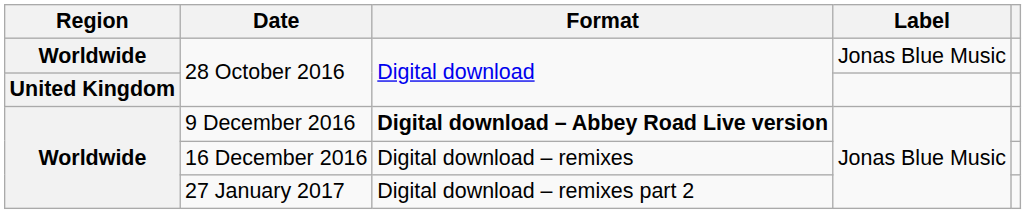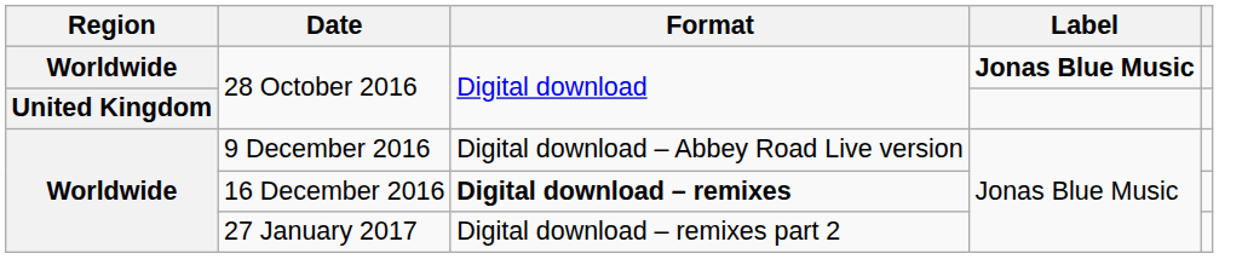 <table class="wikitable plainrowheaders">
 <tr>
 <th>Region</th>
 <th>Date</th>
 <th>Format</th>
 <th>Label</th>
 <th></th>
 </tr>
 <tr>
 <th scope="row">Worldwide</th>
 <td rowspan="2">28 October 2016</td>
 <td rowspan="2"><a href='#'>Digital download</a></td>
-<td>Jonas Blue Music</td>
+<td><strong>Jonas Blue Music</strong></td>
 <td></td>
 </tr>
 <tr>
 <th scope="row">United Kingdom</th>
 <td></td>
 <td></td>
 </tr>
 <tr>
 <th scope="row" rowspan="3">Worldwide</th>
 <td>9 December 2016</td>
-<td><strong>Digital download – Abbey Road Live version</strong></td>
+<td>Digital download – Abbey Road Live version</td>
 <td rowspan="3">Jonas Blue Music</td>
 <td></td>
 </tr>
 <tr>
 <td>16 December 2016</td>
-<td>Digital download – remixes</td>
+<td><strong>Digital download – remixes</strong></td>
 <td></td>
 </tr>
 <tr>
 <td>27 January 2017</td>
 <td>Digital download – remixes part 2</td>
 <td></td>
 </tr>
 </table>
